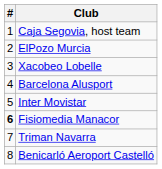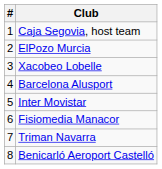 <table class="wikitable sortable">
 <tr>
 <th>#</th>
 <th>Club </th>
 </tr>
 <tr>
 <td>1</td>
 <td><a href='#'>Caja Segovia</a>, host team</td>
 </tr>
 <tr>
 <td>2</td>
 <td><a href='#'>ElPozo Murcia</a></td>
 </tr>
 <tr>
 <td>3</td>
 <td><a href='#'>Xacobeo Lobelle</a></td>
 </tr>
 <tr>
 <td>4</td>
 <td><a href='#'>Barcelona Alusport</a></td>
 </tr>
 <tr>
 <td>5</td>
 <td><a href='#'>Inter Movistar</a></td>
 </tr>
 <tr>
-<td><strong>6</strong></td>
+<td>6</td>
 <td><a href='#'>Fisiomedia Manacor</a></td>
 </tr>
 <tr>
 <td>7</td>
 <td><a href='#'>Triman Navarra</a></td>
 </tr>
 <tr>
 <td>8</td>
 <td><a href='#'>Benicarló Aeroport Castelló</a></td>
 </tr>
 </table>
